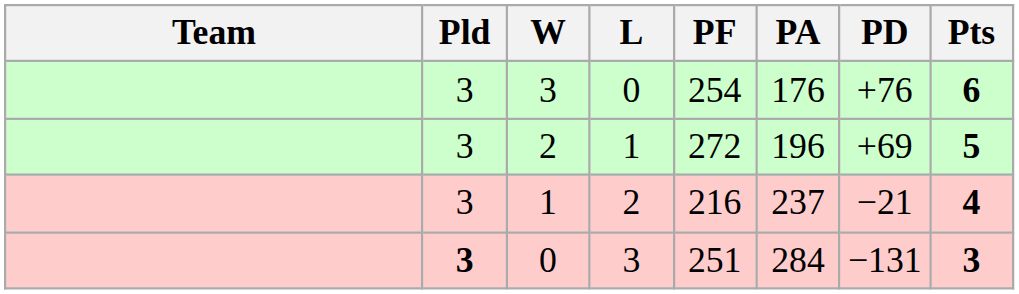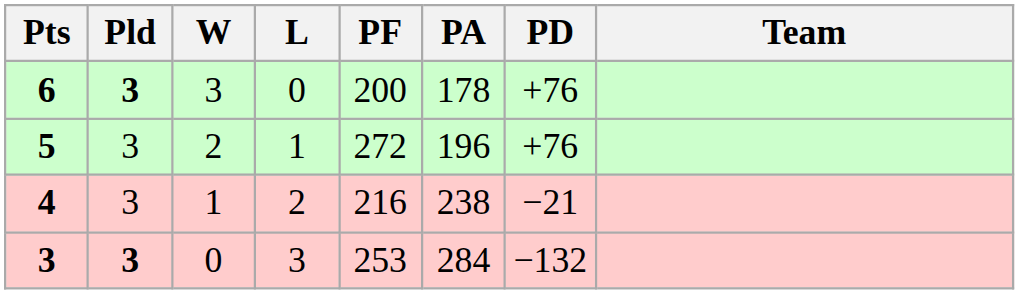 <table class=wikitable style="text-align:center">
 <tr>
-<th width=180>Team</th>
+<th width=30>Pts</th>
 <th width=30>Pld</th>
 <th width=30>W</th>
 <th width=30>L</th>
 <th width=30>PF</th>
 <th width=30>PA</th>
 <th width=30>PD</th>
-<th width=30>Pts</th>
+<th width=180>Team</th>
 </tr>
 <tr bgcolor="#ccffcc">
-<td align=left></td>
-<td>3</td>
+<td><strong>6</strong></td>
+<td><strong>3</strong></td>
 <td>3</td>
 <td>0</td>
-<td>254</td>
-<td>176</td>
+<td>200</td>
+<td>178</td>
 <td>+76</td>
-<td><strong>6</strong></td>
+<td align=left></td>
 </tr>
 <tr bgcolor="#ccffcc">
-<td align=left></td>
+<td><strong>5</strong></td>
 <td>3</td>
 <td>2</td>
 <td>1</td>
 <td>272</td>
 <td>196</td>
-<td>+69</td>
-<td><strong>5</strong></td>
+<td>+76</td>
+<td align=left></td>
 </tr>
 <tr bgcolor=ffcccc>
-<td align=left></td>
+<td><strong>4</strong></td>
 <td>3</td>
 <td>1</td>
 <td>2</td>
 <td>216</td>
-<td>237</td>
+<td>238</td>
 <td>−21</td>
-<td><strong>4</strong></td>
+<td align=left></td>
 </tr>
 <tr bgcolor=ffcccc>
-<td align=left></td>
+<td><strong>3</strong></td>
 <td><strong>3</strong></td>
 <td>0</td>
 <td>3</td>
-<td>251</td>
+<td>253</td>
 <td>284</td>
-<td>−131</td>
-<td><strong>3</strong></td>
+<td>−132</td>
+<td align=left></td>
 </tr>
 </table>
